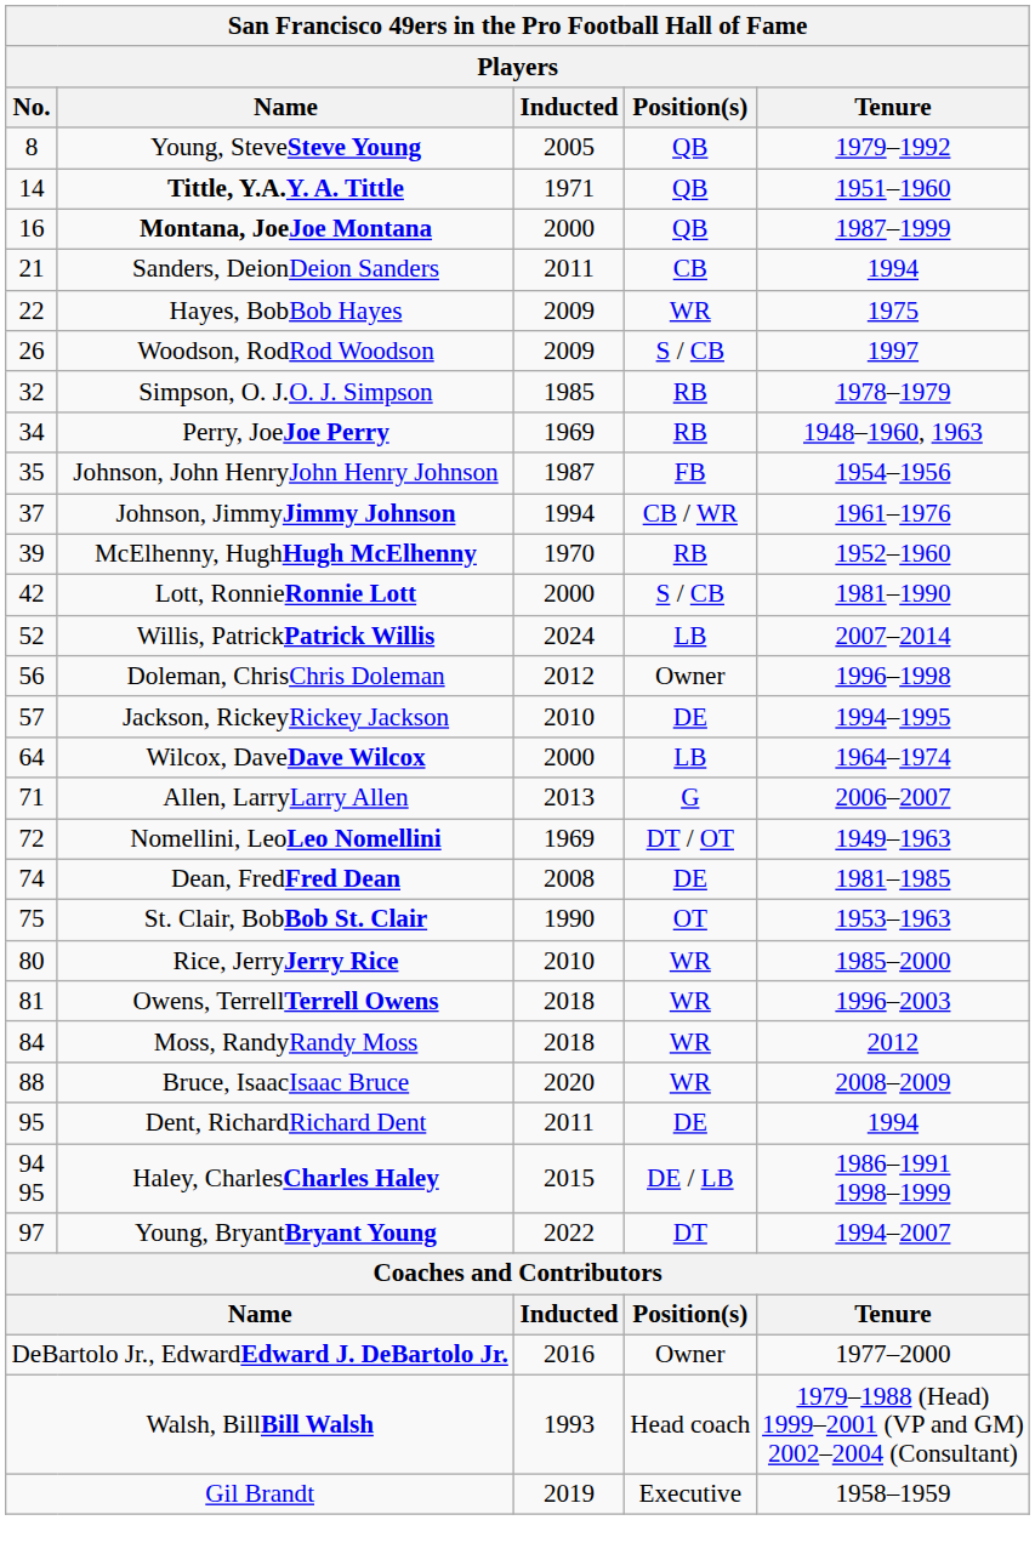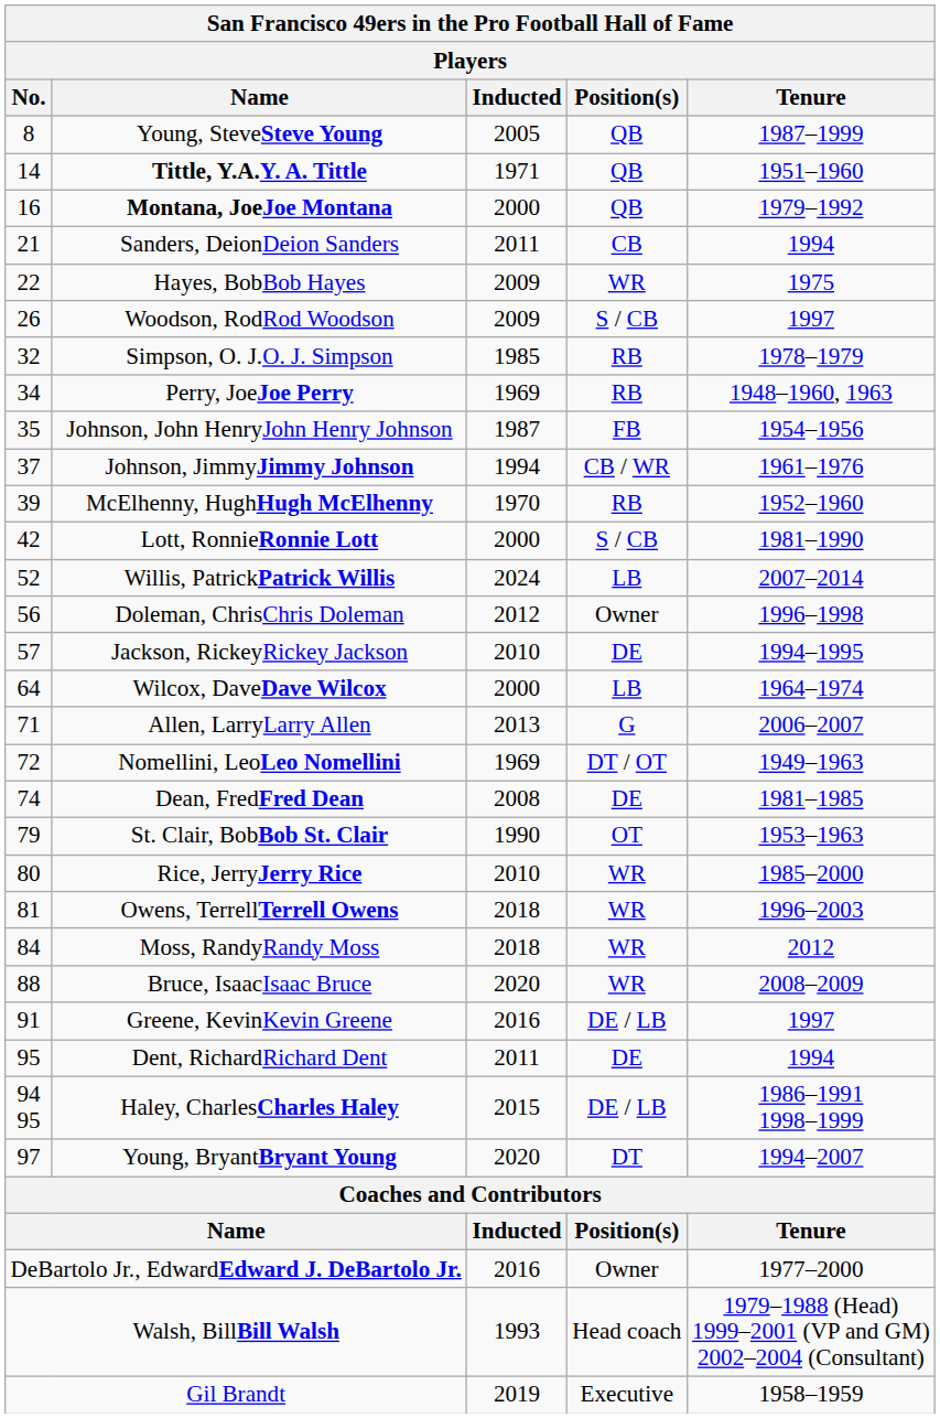 <table class="wikitable" style="text-align:center">
 <tr>
 <th colspan="5">San Francisco 49ers in the Pro Football Hall of Fame</th>
 </tr>
 <tr>
 <th colspan="5">Players</th>
 </tr>
 <tr>
 <th>No.</th>
 <th>Name</th>
 <th>Inducted</th>
 <th>Position(s)</th>
 <th>Tenure</th>
 </tr>
 <tr>
 <td style="text-align:center;">8</td>
 <td><span>Young, Steve</span><strong><a href='#'>Steve Young</a></strong></td>
 <td style="text-align:center;">2005</td>
 <td><a href='#'>QB</a></td>
-<td style="text-align:center;"><a href='#'>1979</a>–<a href='#'>1992</a></td>
+<td style="text-align:center;"><a href='#'>1987</a>–<a href='#'>1999</a></td>
 </tr>
 <tr>
 <td style="text-align:center;">14</td>
 <td><span><strong>Tittle, Y.A.</strong></span><strong><a href='#'>Y. A. Tittle</a></strong></td>
 <td style="text-align:center;">1971</td>
 <td><a href='#'>QB</a></td>
 <td style="text-align:center;"><a href='#'>1951</a>–<a href='#'>1960</a></td>
 </tr>
 <tr>
 <td style="text-align:center;">16</td>
 <td><span><strong>Montana, Joe</strong></span><strong><a href='#'>Joe Montana</a></strong></td>
 <td style="text-align:center;">2000</td>
 <td><a href='#'>QB</a></td>
-<td style="text-align:center;"><a href='#'>1987</a>–<a href='#'>1999</a></td>
+<td style="text-align:center;"><a href='#'>1979</a>–<a href='#'>1992</a></td>
 </tr>
 <tr>
 <td style="text-align:center;">21</td>
 <td><span>Sanders, Deion</span><a href='#'>Deion Sanders</a></td>
 <td style="text-align:center;">2011</td>
 <td><a href='#'>CB</a></td>
 <td style="text-align:center;"><a href='#'>1994</a></td>
 </tr>
 <tr>
 <td style="text-align:center;">22</td>
 <td><span>Hayes, Bob</span><a href='#'>Bob Hayes</a></td>
 <td style="text-align:center;">2009</td>
 <td><a href='#'>WR</a></td>
 <td style="text-align:center;"><a href='#'>1975</a></td>
 </tr>
 <tr>
 <td style="text-align:center;">26</td>
 <td><span>Woodson, Rod</span><a href='#'>Rod Woodson</a></td>
 <td style="text-align:center;">2009</td>
 <td><a href='#'>S</a> / <a href='#'>CB</a></td>
 <td style="text-align:center;"><a href='#'>1997</a></td>
 </tr>
 <tr>
 <td style="text-align:center;">32</td>
 <td><span>Simpson, O. J.</span><a href='#'>O. J. Simpson</a></td>
 <td style="text-align:center;">1985</td>
 <td><a href='#'>RB</a></td>
 <td style="text-align:center;"><a href='#'>1978</a>–<a href='#'>1979</a></td>
 </tr>
 <tr>
 <td style="text-align:center;">34</td>
 <td><span>Perry, Joe</span><strong><a href='#'>Joe Perry</a></strong></td>
 <td style="text-align:center;">1969</td>
 <td><a href='#'>RB</a></td>
 <td style="text-align:center;"><a href='#'>1948</a>–<a href='#'>1960</a>, <a href='#'>1963</a></td>
 </tr>
 <tr>
 <td style="text-align:center;">35</td>
 <td><span>Johnson, John Henry</span><a href='#'>John Henry Johnson</a></td>
 <td style="text-align:center;">1987</td>
 <td><a href='#'>FB</a></td>
 <td style="text-align:center;"><a href='#'>1954</a>–<a href='#'>1956</a></td>
 </tr>
 <tr>
 <td style="text-align:center;">37</td>
 <td><span>Johnson, Jimmy</span><strong><a href='#'>Jimmy Johnson</a></strong></td>
 <td style="text-align:center;">1994</td>
 <td><a href='#'>CB</a> / <a href='#'>WR</a></td>
 <td style="text-align:center;"><a href='#'>1961</a>–<a href='#'>1976</a></td>
 </tr>
 <tr>
 <td style="text-align:center;">39</td>
 <td><span>McElhenny, Hugh</span><strong><a href='#'>Hugh McElhenny</a></strong></td>
 <td style="text-align:center;">1970</td>
 <td><a href='#'>RB</a></td>
 <td style="text-align:center;"><a href='#'>1952</a>–<a href='#'>1960</a></td>
 </tr>
 <tr>
 <td style="text-align:center;">42</td>
 <td><span>Lott, Ronnie</span><strong><a href='#'>Ronnie Lott</a></strong></td>
 <td style="text-align:center;">2000</td>
 <td><a href='#'>S</a> / <a href='#'>CB</a></td>
 <td style="text-align:center;"><a href='#'>1981</a>–<a href='#'>1990</a></td>
 </tr>
 <tr>
 <td style="text-align:center;">52</td>
 <td><span>Willis, Patrick</span><strong><a href='#'>Patrick Willis</a></strong></td>
 <td style="text-align:center;">2024</td>
 <td><a href='#'>LB</a></td>
 <td style="text-align:center;"><a href='#'>2007</a>–<a href='#'>2014</a></td>
 </tr>
 <tr>
 <td style="text-align:center;">56</td>
 <td><span>Doleman, Chris</span><a href='#'>Chris Doleman</a></td>
 <td style="text-align:center;">2012</td>
 <td>Owner</td>
 <td style="text-align:center;"><a href='#'>1996</a>–<a href='#'>1998</a></td>
 </tr>
 <tr>
 <td style="text-align:center;">57</td>
 <td><span>Jackson, Rickey</span><a href='#'>Rickey Jackson</a></td>
 <td style="text-align:center;">2010</td>
 <td><a href='#'>DE</a></td>
 <td style="text-align:center;"><a href='#'>1994</a>–<a href='#'>1995</a></td>
 </tr>
 <tr>
 <td style="text-align:center;">64</td>
 <td><span>Wilcox, Dave</span><strong><a href='#'>Dave Wilcox</a></strong></td>
 <td style="text-align:center;">2000</td>
 <td><a href='#'>LB</a></td>
 <td style="text-align:center;"><a href='#'>1964</a>–<a href='#'>1974</a></td>
 </tr>
 <tr>
 <td style="text-align:center;">71</td>
 <td><span>Allen, Larry</span><a href='#'>Larry Allen</a></td>
 <td style="text-align:center;">2013</td>
 <td><a href='#'>G</a></td>
 <td style="text-align:center;"><a href='#'>2006</a>–<a href='#'>2007</a></td>
 </tr>
 <tr>
 <td style="text-align:center;">72</td>
 <td><span>Nomellini, Leo</span><strong><a href='#'>Leo Nomellini</a></strong></td>
 <td style="text-align:center;">1969</td>
 <td><a href='#'>DT</a> / <a href='#'>OT</a></td>
 <td style="text-align:center;"><a href='#'>1949</a>–<a href='#'>1963</a></td>
 </tr>
 <tr>
 <td style="text-align:center;">74</td>
 <td><span>Dean, Fred</span><strong><a href='#'>Fred Dean</a></strong></td>
 <td style="text-align:center;">2008</td>
 <td><a href='#'>DE</a></td>
 <td style="text-align:center;"><a href='#'>1981</a>–<a href='#'>1985</a></td>
 </tr>
 <tr>
-<td style="text-align:center;">75</td>
+<td style="text-align:center;">79</td>
 <td><span>St. Clair, Bob</span><strong><a href='#'>Bob St. Clair</a></strong></td>
 <td style="text-align:center;">1990</td>
 <td><a href='#'>OT</a></td>
 <td style="text-align:center;"><a href='#'>1953</a>–<a href='#'>1963</a></td>
 </tr>
 <tr>
 <td style="text-align:center;">80</td>
 <td><span>Rice, Jerry</span><strong><a href='#'>Jerry Rice</a></strong></td>
 <td style="text-align:center;">2010</td>
 <td><a href='#'>WR</a></td>
 <td style="text-align:center;"><a href='#'>1985</a>–<a href='#'>2000</a></td>
 </tr>
 <tr>
 <td style="text-align:center;">81</td>
 <td><span>Owens, Terrell</span><strong><a href='#'>Terrell Owens</a></strong></td>
 <td style="text-align:center;">2018</td>
 <td><a href='#'>WR</a></td>
 <td style="text-align:center;"><a href='#'>1996</a>–<a href='#'>2003</a></td>
 </tr>
 <tr>
 <td style="text-align:center;">84</td>
 <td><span>Moss, Randy</span><a href='#'>Randy Moss</a></td>
 <td style="text-align:center;">2018</td>
 <td><a href='#'>WR</a></td>
 <td style="text-align:center;"><a href='#'>2012</a></td>
 </tr>
 <tr>
 <td style="text-align:center;">88</td>
 <td><span>Bruce, Isaac</span><a href='#'>Isaac Bruce</a></td>
 <td style="text-align:center;">2020</td>
 <td><a href='#'>WR</a></td>
 <td style="text-align:center;"><a href='#'>2008</a>–<a href='#'>2009</a></td>
 </tr>
 <tr>
+<td style="text-align:center;">91</td>
+<td><span>Greene, Kevin</span><a href='#'>Kevin Greene</a></td>
+<td style="text-align:center;">2016</td>
+<td><a href='#'>DE</a> / <a href='#'>LB</a></td>
+<td style="text-align:center;"><a href='#'>1997</a></td>
+</tr>
+<tr>
 <td style="text-align:center;">95</td>
 <td><span>Dent, Richard</span><a href='#'>Richard Dent</a></td>
 <td style="text-align:center;">2011</td>
 <td><a href='#'>DE</a></td>
 <td style="text-align:center;"><a href='#'>1994</a></td>
 </tr>
 <tr>
 <td style="text-align:center;">94<br>95</td>
 <td><span>Haley, Charles</span><strong><a href='#'>Charles Haley</a></strong></td>
 <td style="text-align:center;">2015</td>
 <td><a href='#'>DE</a> / <a href='#'>LB</a></td>
 <td style="text-align:center;"><a href='#'>1986</a>–<a href='#'>1991</a><br><a href='#'>1998</a>–<a href='#'>1999</a></td>
 </tr>
 <tr>
 <td style="text-align:center;">97</td>
 <td><span>Young, Bryant</span><strong><a href='#'>Bryant Young</a></strong></td>
-<td style="text-align:center;">2022</td>
+<td style="text-align:center;">2020</td>
 <td><a href='#'>DT</a></td>
 <td style="text-align:center;"><a href='#'>1994</a>–<a href='#'>2007</a></td>
 </tr>
 <tr>
 <th colspan="5">Coaches and Contributors</th>
 </tr>
 <tr>
 <th colspan=2>Name</th>
 <th>Inducted</th>
 <th>Position(s)</th>
 <th>Tenure</th>
 </tr>
 <tr>
 <td colspan=2><span>DeBartolo Jr., Edward</span><strong><a href='#'>Edward J. DeBartolo Jr.</a></strong></td>
 <td style="text-align:center;">2016</td>
 <td>Owner</td>
 <td style="text-align:center;">1977–2000</td>
 </tr>
 <tr>
 <td colspan=2><span>Walsh, Bill</span><strong><a href='#'>Bill Walsh</a></strong></td>
 <td style="text-align:center;">1993</td>
 <td>Head coach</td>
 <td style="text-align:center;"><a href='#'>1979</a>–<a href='#'>1988</a> (Head)<br><a href='#'>1999</a>–<a href='#'>2001</a> (VP and GM)<br><a href='#'>2002</a>–<a href='#'>2004</a> (Consultant)</td>
 </tr>
 <tr>
 <td colspan=2><a href='#'>Gil Brandt</a></td>
 <td>2019</td>
 <td>Executive</td>
 <td>1958–1959</td>
 </tr>
 </table>
